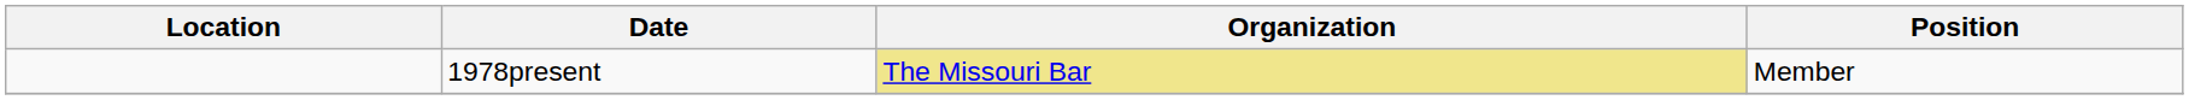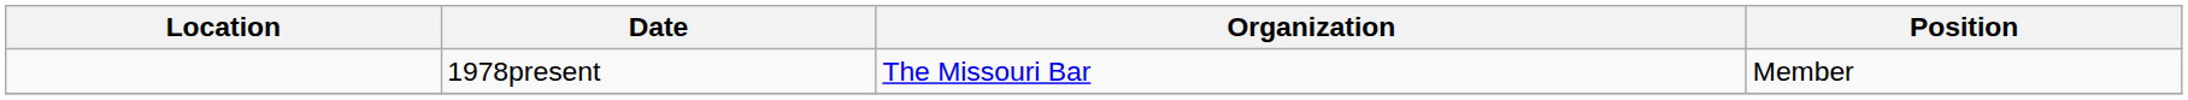 <table class="wikitable" style="width:100%;">
 <tr>
 <th style="width:20%;">Location</th>
 <th style="width:20%;">Date</th>
 <th style="width:40%;">Organization</th>
 <th style="width:20%;">Position</th>
 </tr>
 <tr>
 <td></td>
 <td>1978present</td>
-<td style="background: khaki;"><a href='#'>The Missouri Bar</a></td>
+<td><a href='#'>The Missouri Bar</a></td>
 <td>Member</td>
 </tr>
 <tr>
 </tr>
 </table>
